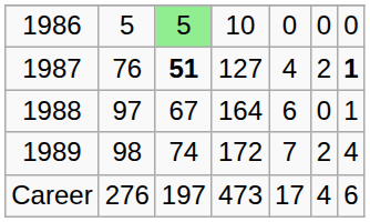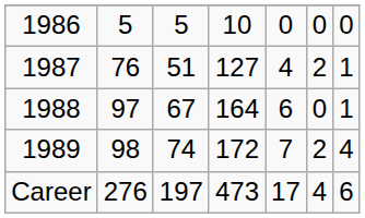 <table class="wikitable" style="text-align:center;">
 <tr>
 </tr>
 <tr>
 <td>1986</td>
 <td>5</td>
-<td style="background: lightgreen;">5</td>
+<td>5</td>
 <td>10</td>
 <td>0</td>
 <td>0</td>
 <td>0</td>
 </tr>
 <tr>
 <td>1987</td>
 <td>76</td>
-<td><strong>51</strong></td>
+<td>51</td>
 <td>127</td>
 <td>4</td>
 <td>2</td>
-<td><strong>1</strong></td>
+<td>1</td>
 </tr>
 <tr>
 <td>1988</td>
 <td>97</td>
 <td>67</td>
 <td>164</td>
 <td>6</td>
 <td>0</td>
 <td>1</td>
 </tr>
 <tr>
 <td>1989</td>
 <td>98</td>
 <td>74</td>
 <td>172</td>
 <td>7</td>
 <td>2</td>
 <td>4</td>
 </tr>
 <tr>
 <td>Career</td>
 <td>276</td>
 <td>197</td>
 <td>473</td>
 <td>17</td>
 <td>4</td>
 <td>6</td>
 </tr>
 </table>
